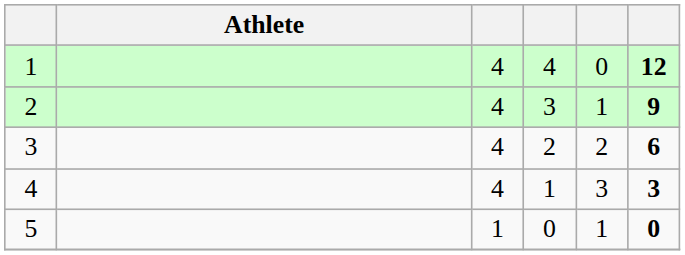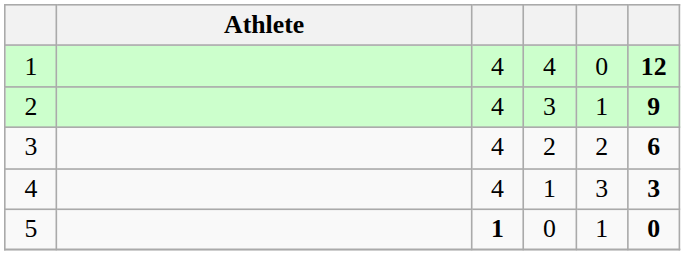 <table class="wikitable" style="text-align: center; font-size:100% ">
 <tr>
 <th width=25></th>
 <th width=250>Athlete</th>
 <th width=25></th>
 <th width=25></th>
 <th width=25></th>
 <th width=25></th>
 </tr>
 <tr bgcolor="ccffcc">
 <td>1</td>
 <td align=left></td>
 <td>4</td>
 <td>4</td>
 <td>0</td>
 <td><strong>12</strong></td>
 </tr>
 <tr bgcolor="ccffcc">
 <td>2</td>
 <td align=left></td>
 <td>4</td>
 <td>3</td>
 <td>1</td>
 <td><strong>9</strong></td>
 </tr>
 <tr>
 <td>3</td>
 <td align=left></td>
 <td>4</td>
 <td>2</td>
 <td>2</td>
 <td><strong>6</strong></td>
 </tr>
 <tr>
 <td>4</td>
 <td align=left></td>
 <td>4</td>
 <td>1</td>
 <td>3</td>
 <td><strong>3</strong></td>
 </tr>
 <tr>
 <td>5</td>
 <td align=left></td>
-<td>1</td>
+<td><strong>1</strong></td>
 <td>0</td>
 <td>1</td>
 <td><strong>0</strong></td>
 </tr>
 <tr>
 </tr>
 </table>
